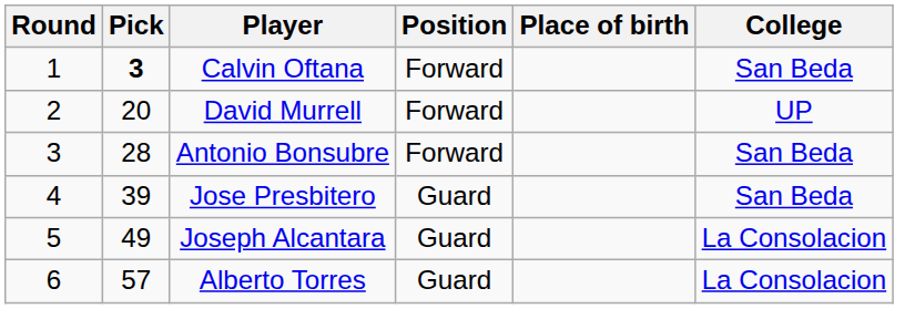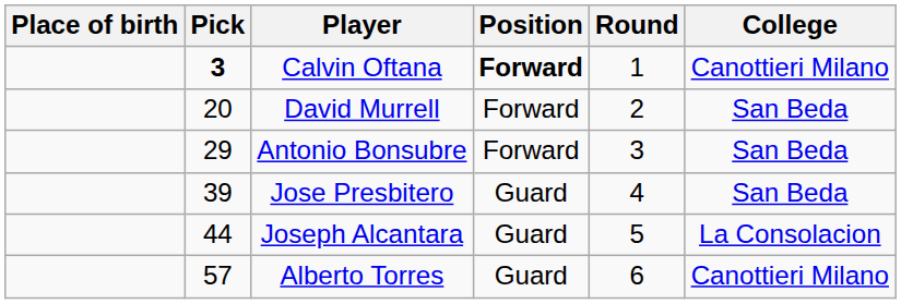 <table class="wikitable sortable sortable" style="text-align: center">
 <tr>
-<th>Round</th>
+<th>Place of birth</th>
 <th>Pick</th>
 <th>Player</th>
 <th>Position</th>
-<th>Place of birth</th>
+<th>Round</th>
 <th>College</th>
 </tr>
 <tr>
-<td>1</td>
+<td></td>
 <td><strong>3</strong></td>
 <td><a href='#'>Calvin Oftana</a></td>
+<td><strong>Forward</strong></td>
+<td>1</td>
+<td><a href='#'>Canottieri Milano</a></td>
+</tr>
+<tr>
+<td></td>
+<td>20</td>
+<td><a href='#'>David Murrell</a></td>
 <td>Forward</td>
-<td></td>
+<td>2</td>
 <td><a href='#'>San Beda</a></td>
 </tr>
 <tr>
-<td>2</td>
-<td>20</td>
-<td><a href='#'>David Murrell</a></td>
-<td>Forward</td>
 <td></td>
-<td><a href='#'>UP</a></td>
-</tr>
-<tr>
-<td>3</td>
-<td>28</td>
+<td>29</td>
 <td><a href='#'>Antonio Bonsubre</a></td>
 <td>Forward</td>
-<td></td>
+<td>3</td>
 <td><a href='#'>San Beda</a></td>
 </tr>
 <tr>
-<td>4</td>
+<td></td>
 <td>39</td>
 <td><a href='#'>Jose Presbitero</a></td>
 <td>Guard</td>
-<td></td>
+<td>4</td>
 <td><a href='#'>San Beda</a></td>
 </tr>
 <tr>
-<td>5</td>
-<td>49</td>
+<td></td>
+<td>44</td>
 <td><a href='#'>Joseph Alcantara</a></td>
 <td>Guard</td>
-<td></td>
+<td>5</td>
 <td><a href='#'>La Consolacion</a></td>
 </tr>
 <tr>
-<td>6</td>
+<td></td>
 <td>57</td>
 <td><a href='#'>Alberto Torres</a></td>
 <td>Guard</td>
-<td></td>
-<td><a href='#'>La Consolacion</a></td>
+<td>6</td>
+<td><a href='#'>Canottieri Milano</a></td>
 </tr>
 </table>
